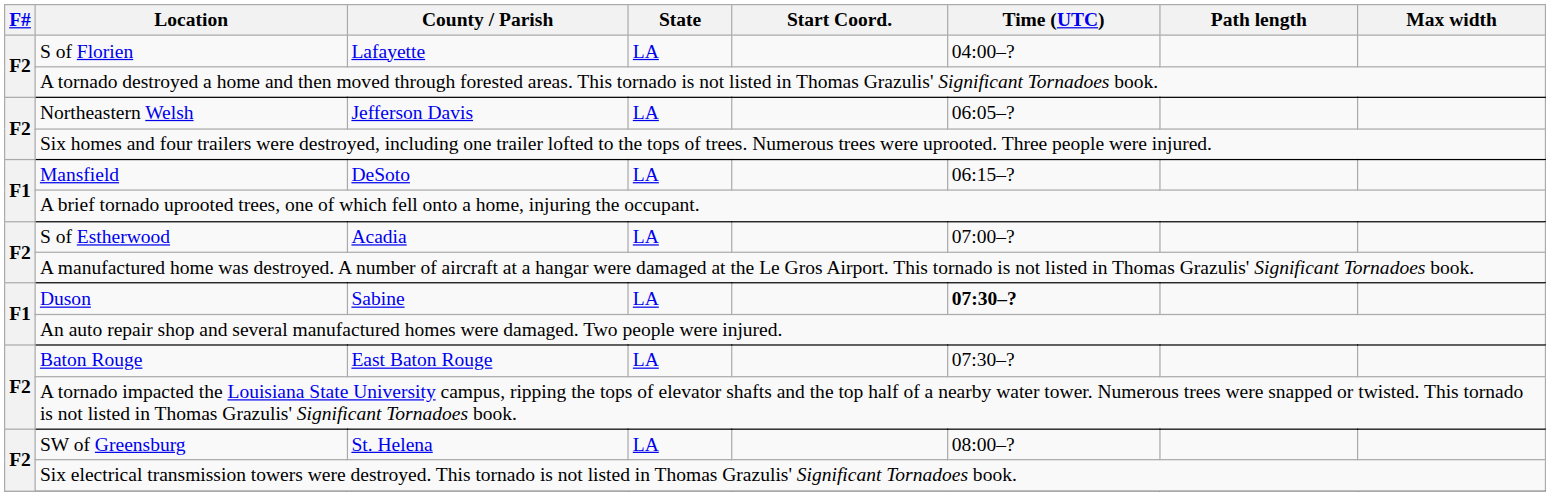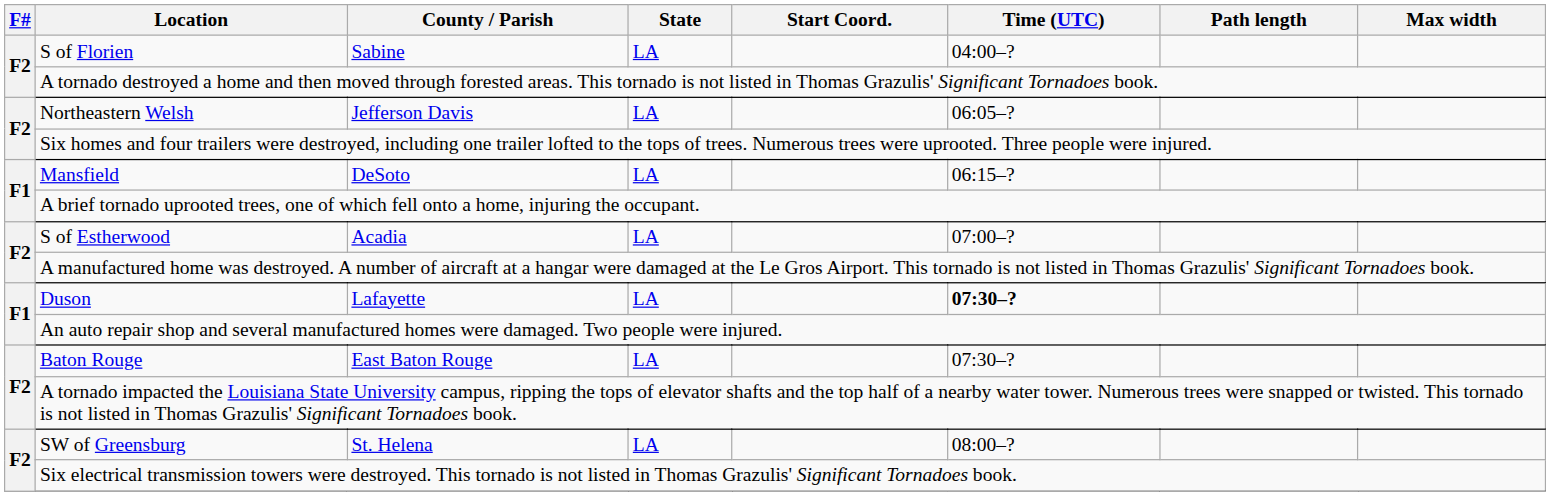 <table class="wikitable sortable" style="width:100%;">
 <tr>
 <th scope="col" width="2%" align="center"><a href='#'>F#</a></th>
 <th scope="col" align="center" class="unsortable">Location</th>
 <th scope="col" align="center" class="unsortable">County / Parish</th>
 <th scope="col" align="center">State</th>
 <th scope="col" align="center">Start Coord.</th>
 <th scope="col" align="center">Time (<a href='#'>UTC</a>)</th>
 <th scope="col" align="center">Path length</th>
 <th scope="col" align="center">Max width</th>
 </tr>
 <tr>
 <th scope="row" rowspan="2" style="background-color:#">F2</th>
 <td>S of <a href='#'>Florien</a></td>
-<td><a href='#'>Lafayette</a></td>
+<td><a href='#'>Sabine</a></td>
 <td><a href='#'>LA</a></td>
 <td></td>
 <td>04:00–?</td>
 <td></td>
 <td></td>
 </tr>
 <tr class="expand-child">
 <td colspan="8" style=" border-bottom: 1px solid black;">A tornado destroyed a home and then moved through forested areas. This tornado is not listed in Thomas Grazulis' <em>Significant Tornadoes</em> book.</td>
 </tr>
 <tr>
 <th scope="row" rowspan="2" style="background-color:#">F2</th>
 <td>Northeastern <a href='#'>Welsh</a></td>
 <td><a href='#'>Jefferson Davis</a></td>
 <td><a href='#'>LA</a></td>
 <td></td>
 <td>06:05–?</td>
 <td></td>
 <td></td>
 </tr>
 <tr class="expand-child">
 <td colspan="8" style=" border-bottom: 1px solid black;">Six homes and four trailers were destroyed, including one trailer lofted to the tops of trees. Numerous trees were uprooted. Three people were injured.</td>
 </tr>
 <tr>
 <th scope="row" rowspan="2" style="background-color:#">F1</th>
 <td><a href='#'>Mansfield</a></td>
 <td><a href='#'>DeSoto</a></td>
 <td><a href='#'>LA</a></td>
 <td></td>
 <td>06:15–?</td>
 <td></td>
 <td></td>
 </tr>
 <tr class="expand-child">
 <td colspan="8" style=" border-bottom: 1px solid black;">A brief tornado uprooted trees, one of which fell onto a home, injuring the occupant.</td>
 </tr>
 <tr>
 <th scope="row" rowspan="2" style="background-color:#">F2</th>
 <td>S of <a href='#'>Estherwood</a></td>
 <td><a href='#'>Acadia</a></td>
 <td><a href='#'>LA</a></td>
 <td></td>
 <td>07:00–?</td>
 <td></td>
 <td></td>
 </tr>
 <tr class="expand-child">
 <td colspan="8" style=" border-bottom: 1px solid black;">A manufactured home was destroyed. A number of aircraft at a hangar were damaged at the Le Gros Airport. This tornado is not listed in Thomas Grazulis' <em>Significant Tornadoes</em> book.</td>
 </tr>
 <tr>
 <th scope="row" rowspan="2" style="background-color:#">F1</th>
 <td><a href='#'>Duson</a></td>
-<td><a href='#'>Sabine</a></td>
+<td><a href='#'>Lafayette</a></td>
 <td><a href='#'>LA</a></td>
 <td></td>
 <td><strong>07:30–?</strong></td>
 <td></td>
 <td></td>
 </tr>
 <tr class="expand-child">
 <td colspan="8" style=" border-bottom: 1px solid black;">An auto repair shop and several manufactured homes were damaged. Two people were injured.</td>
 </tr>
 <tr>
 <th scope="row" rowspan="2" style="background-color:#">F2</th>
 <td><a href='#'>Baton Rouge</a></td>
 <td><a href='#'>East Baton Rouge</a></td>
 <td><a href='#'>LA</a></td>
 <td></td>
 <td>07:30–?</td>
 <td></td>
 <td></td>
 </tr>
 <tr class="expand-child">
 <td colspan="8" style=" border-bottom: 1px solid black;">A tornado impacted the <a href='#'>Louisiana State University</a> campus, ripping the tops of elevator shafts and the top half of a nearby water tower. Numerous trees were snapped or twisted. This tornado is not listed in Thomas Grazulis' <em>Significant Tornadoes</em> book.</td>
 </tr>
 <tr>
 <th scope="row" rowspan="2" style="background-color:#">F2</th>
 <td>SW of <a href='#'>Greensburg</a></td>
 <td><a href='#'>St. Helena</a></td>
 <td><a href='#'>LA</a></td>
 <td></td>
 <td>08:00–?</td>
 <td></td>
 <td></td>
 </tr>
 <tr class="expand-child">
 <td colspan="8" style=" border-bottom: 1px solid black;">Six electrical transmission towers were destroyed. This tornado is not listed in Thomas Grazulis' <em>Significant Tornadoes</em> book.</td>
 </tr>
 <tr>
 </tr>
 </table>
